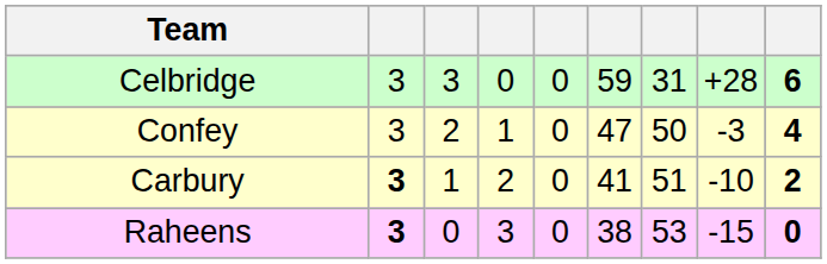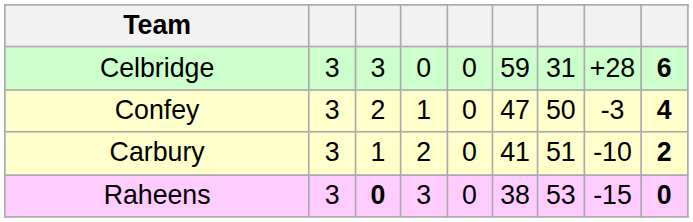 <table class="wikitable" style="text-align:center">
 <tr>
 <th style="width:175px;">Team</th>
 <th width="20"></th>
 <th width="20"></th>
 <th width="20"></th>
 <th width="20"></th>
 <th width="20"></th>
 <th width="20"></th>
 <th width="20"></th>
 <th width="20"></th>
 </tr>
 <tr style="background:#cfc;">
 <td>Celbridge</td>
 <td>3</td>
 <td>3</td>
 <td>0</td>
 <td>0</td>
 <td>59</td>
 <td>31</td>
 <td>+28</td>
 <td><strong>6</strong></td>
 </tr>
 <tr style="background:#ffffcc;">
 <td>Confey</td>
 <td>3</td>
 <td>2</td>
 <td>1</td>
 <td>0</td>
 <td>47</td>
 <td>50</td>
 <td>-3</td>
 <td><strong>4</strong></td>
 </tr>
 <tr style="background:#ffffcc;">
 <td>Carbury</td>
-<td><strong>3</strong></td>
+<td>3</td>
 <td>1</td>
 <td>2</td>
 <td>0</td>
 <td>41</td>
 <td>51</td>
 <td>-10</td>
 <td><strong>2</strong></td>
 </tr>
 <tr style="background:#fcf;">
 <td>Raheens</td>
-<td><strong>3</strong></td>
-<td>0</td>
+<td>3</td>
+<td><strong>0</strong></td>
 <td>3</td>
 <td>0</td>
 <td>38</td>
 <td>53</td>
 <td>-15</td>
 <td><strong>0</strong></td>
 </tr>
 </table>
